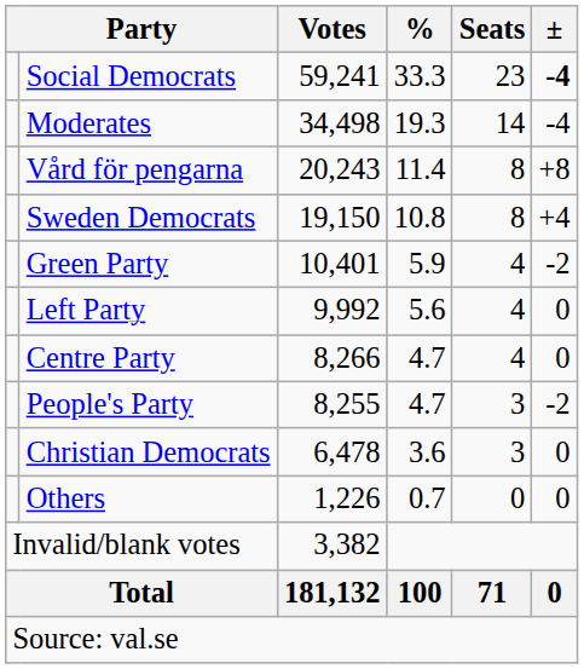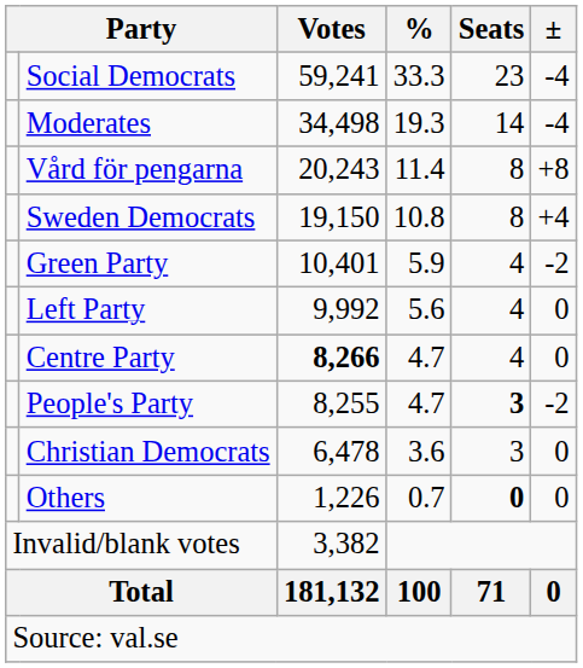 <table class=wikitable style=text-align:right>
 <tr>
 <th colspan=2>Party</th>
 <th>Votes</th>
 <th>%</th>
 <th>Seats</th>
 <th>±</th>
 </tr>
 <tr>
 <td bgcolor=></td>
 <td align=left><a href='#'>Social Democrats</a></td>
 <td>59,241</td>
 <td>33.3</td>
 <td>23</td>
-<td><strong>-4</strong></td>
+<td>-4</td>
 </tr>
 <tr>
 <td bgcolor=></td>
 <td align=left><a href='#'>Moderates</a></td>
 <td>34,498</td>
 <td>19.3</td>
 <td>14</td>
 <td>-4</td>
 </tr>
 <tr>
 <td></td>
 <td align=left><a href='#'>Vård för pengarna</a></td>
 <td>20,243</td>
 <td>11.4</td>
 <td>8</td>
 <td>+8</td>
 </tr>
 <tr>
 <td bgcolor=></td>
 <td align=left><a href='#'>Sweden Democrats</a></td>
 <td>19,150</td>
 <td>10.8</td>
 <td>8</td>
 <td>+4</td>
 </tr>
 <tr>
 <td bgcolor=></td>
 <td align=left><a href='#'>Green Party</a></td>
 <td>10,401</td>
 <td>5.9</td>
 <td>4</td>
 <td>-2</td>
 </tr>
 <tr>
 <td bgcolor=></td>
 <td align=left><a href='#'>Left Party</a></td>
 <td>9,992</td>
 <td>5.6</td>
 <td>4</td>
 <td>0</td>
 </tr>
 <tr>
 <td bgcolor=></td>
 <td align=left><a href='#'>Centre Party</a></td>
-<td>8,266</td>
+<td><strong>8,266</strong></td>
 <td>4.7</td>
 <td>4</td>
 <td>0</td>
 </tr>
 <tr>
 <td bgcolor=></td>
 <td align=left><a href='#'>People's Party</a></td>
 <td>8,255</td>
 <td>4.7</td>
-<td>3</td>
+<td><strong>3</strong></td>
 <td>-2</td>
 </tr>
 <tr>
 <td bgcolor=></td>
 <td align=left><a href='#'>Christian Democrats</a></td>
 <td>6,478</td>
 <td>3.6</td>
 <td>3</td>
 <td>0</td>
 </tr>
 <tr>
 <td></td>
 <td align=left><a href='#'>Others</a></td>
 <td>1,226</td>
 <td>0.7</td>
-<td>0</td>
+<td><strong>0</strong></td>
 <td>0</td>
 </tr>
 <tr>
 <td align=left colspan=2>Invalid/blank votes</td>
 <td>3,382</td>
 <td colspan=3></td>
 </tr>
 <tr>
 <th align=left colspan=2>Total</th>
 <th>181,132</th>
 <th>100</th>
 <th>71</th>
 <th>0</th>
 </tr>
 <tr>
 <td align=left colspan=6>Source: val.se </td>
 </tr>
 </table>
